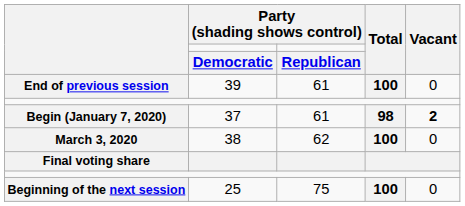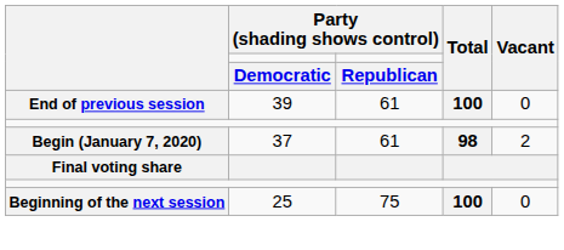 <table class="wikitable" style="text-align:center">
 <tr>
 <th rowspan="3" scope="col"> </th>
 <th colspan="2" scope="col">Party<div>(shading shows control)</div></th>
 <th rowspan="3" scope="col">Total</th>
 <th rowspan="3" scope="col">Vacant</th>
 </tr>
 <tr style="height:5px">
 <td style="background-color:"></td>
 <td style="background-color:"></td>
 </tr>
 <tr>
 <th scope="col"><a href='#'>Democratic</a></th>
 <th scope="col"><a href='#'>Republican</a></th>
 </tr>
 <tr>
 <th scope="row" style="font-size:85%">End of <a href='#'>previous session</a></th>
 <td>39</td>
 <td>61</td>
 <th>100</th>
 <td>0</td>
 </tr>
 <tr>
 <td colspan="5"></td>
 </tr>
 <tr>
 <th scope="row" style="font-size:85%">Begin (January 7, 2020)</th>
 <td>37</td>
 <td>61</td>
 <th>98</th>
-<td><strong>2</strong></td>
-</tr>
-<tr>
-<th scope="row" style="font-size:85%">March 3, 2020</th>
-<td>38</td>
-<td>62</td>
-<th>100</th>
-<td>0</td>
+<td>2</td>
 </tr>
 <tr>
 <th scope="row" style="font-size:85%">Final voting share</th>
 <th></th>
 <th></th>
 <th colspan="2"></th>
 </tr>
 <tr>
 <td colspan="5"></td>
 </tr>
 <tr>
 <th scope="row" style="font-size:85%">Beginning of the <a href='#'>next session</a></th>
 <td>25</td>
 <td>75</td>
 <th>100</th>
 <td>0</td>
 </tr>
 </table>
